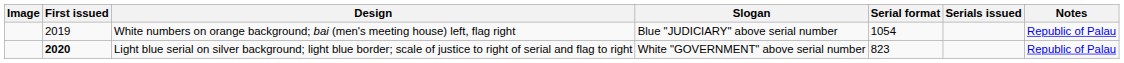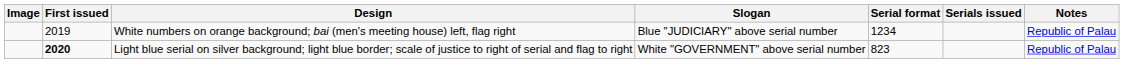 <table class="wikitable sortable">
 <tr>
 <th>Image</th>
 <th>First issued</th>
 <th>Design</th>
 <th>Slogan</th>
 <th>Serial format</th>
 <th>Serials issued</th>
 <th>Notes</th>
 </tr>
 <tr>
 <td></td>
 <td>2019</td>
 <td>White numbers on orange background; <em>bai</em> (men's meeting house) left, flag right</td>
 <td>Blue "JUDICIARY" above serial number</td>
-<td>1054</td>
+<td>1234</td>
 <td></td>
 <td><a href='#'>Republic of Palau</a></td>
 </tr>
 <tr>
 <td></td>
 <td><strong>2020</strong></td>
 <td>Light blue serial on silver background; light blue border; scale of justice to right of serial and flag to right</td>
 <td>White "GOVERNMENT" above serial number</td>
 <td>823</td>
 <td></td>
 <td><a href='#'>Republic of Palau</a></td>
 </tr>
 </table>
